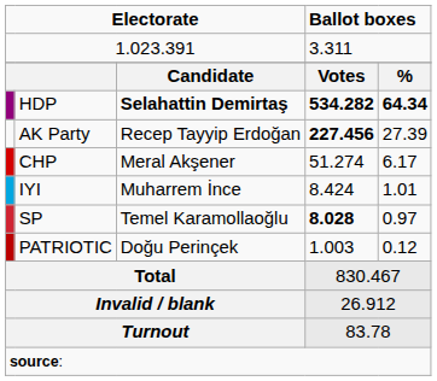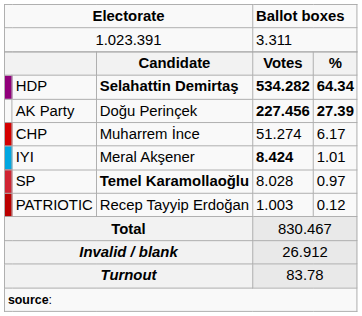 <table class="wikitable">
 <tr>
 <td colspan="3" align="center"><strong>Electorate</strong></td>
 <td colspan="6"><strong>Ballot boxes</strong></td>
 </tr>
 <tr align="left">
 <td colspan="3" align="center">1.023.391</td>
 <td colspan="6">3.311</td>
 </tr>
 <tr>
 </tr>
 <tr style="background-color:#E9E9E9">
 </tr>
 <tr>
 <th colspan="2" align="center"></th>
 <th align="center">Candidate</th>
 <th align="center">Votes</th>
 <th align="center">%</th>
 </tr>
 <tr align="left">
 <td bgcolor="#91007B" width="1"></td>
 <td>HDP</td>
 <td><strong>Selahattin Demirtaş</strong></td>
 <td><strong>534.282</strong></td>
 <td><strong>64.34</strong></td>
 </tr>
 <tr align="left">
 <td></td>
 <td>AK Party</td>
-<td>Recep Tayyip Erdoğan</td>
+<td>Doğu Perinçek</td>
 <td><strong>227.456</strong></td>
-<td>27.39</td>
+<td><strong>27.39</strong></td>
 </tr>
 <tr align="left">
 <td bgcolor="#d50000" width="1"></td>
 <td>CHP</td>
-<td>Meral Akşener</td>
+<td>Muharrem İnce</td>
 <td>51.274</td>
 <td>6.17</td>
 </tr>
 <tr align="left">
 <td bgcolor="#01A7E1" width="1"></td>
 <td>IYI</td>
-<td>Muharrem İnce</td>
-<td>8.424</td>
+<td>Meral Akşener</td>
+<td><strong>8.424</strong></td>
 <td>1.01</td>
 </tr>
 <tr align="left">
 <td bgcolor="#D02433" width="1"></td>
 <td>SP</td>
-<td>Temel Karamollaoğlu</td>
-<td><strong>8.028</strong></td>
+<td><strong>Temel Karamollaoğlu</strong></td>
+<td>8.028</td>
 <td>0.97</td>
 </tr>
 <tr align="left">
 <td bgcolor="#BB0000" width="1"></td>
 <td>PATRIOTIC</td>
-<td>Doğu Perinçek</td>
+<td>Recep Tayyip Erdoğan</td>
 <td>1.003</td>
 <td>0.12</td>
 </tr>
 <tr align="left" style="background-color:#E9E9E9">
 <th colspan="3" align="center"><strong>Total</strong></th>
 <td colspan="5" align="center">830.467</td>
 </tr>
 <tr align="left" style="background-color:#E9E9E9">
 <th colspan="3" align="center"><em>Invalid / blank</em></th>
 <td colspan="5" align="center">26.912</td>
 </tr>
 <tr align="left" style="background-color:#E9E9E9">
 <th colspan="3" align="center"><em>Turnout</em></th>
 <td colspan="5" align="center">83.78</td>
 </tr>
 <tr>
 <td colspan="9" align="left"><small><strong>source</strong>: </small></td>
 </tr>
 </table>
